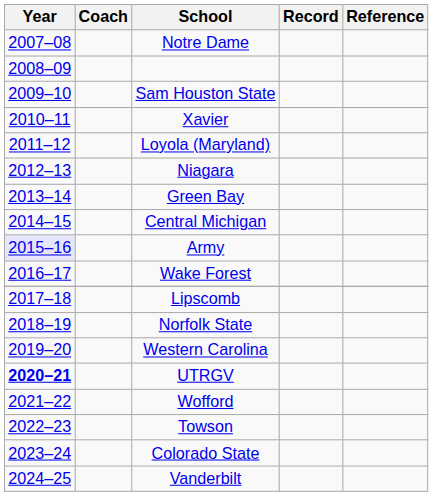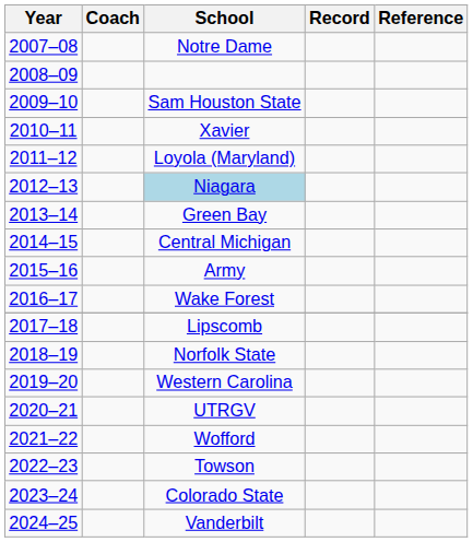 <table class="wikitable sortable" align="center">
 <tr>
 <th>Year</th>
 <th>Coach</th>
 <th>School</th>
 <th>Record</th>
 <th class=unsortable>Reference</th>
 </tr>
 <tr align=center>
 <td><a href='#'>2007–08</a></td>
 <td></td>
 <td><a href='#'>Notre Dame</a></td>
 <td></td>
 <td></td>
 </tr>
 <tr align=center>
 <td><a href='#'>2008–09</a></td>
 <td></td>
 <td></td>
 <td></td>
 <td></td>
 </tr>
 <tr align=center>
 <td><a href='#'>2009–10</a></td>
 <td></td>
 <td><a href='#'>Sam Houston State</a></td>
 <td></td>
 <td></td>
 </tr>
 <tr align=center>
 <td><a href='#'>2010–11</a></td>
 <td></td>
 <td><a href='#'>Xavier</a></td>
 <td></td>
 <td></td>
 </tr>
 <tr align=center>
 <td><a href='#'>2011–12</a></td>
 <td></td>
 <td><a href='#'>Loyola (Maryland)</a></td>
 <td></td>
 <td></td>
 </tr>
 <tr align=center>
 <td><a href='#'>2012–13</a></td>
 <td></td>
-<td><a href='#'>Niagara</a></td>
+<td style="background: lightblue;"><a href='#'>Niagara</a></td>
 <td></td>
 <td></td>
 </tr>
 <tr align=center>
 <td><a href='#'>2013–14</a></td>
 <td></td>
 <td><a href='#'>Green Bay</a></td>
 <td></td>
 <td></td>
 </tr>
 <tr align=center>
 <td><a href='#'>2014–15</a></td>
 <td></td>
 <td><a href='#'>Central Michigan</a></td>
 <td></td>
 <td></td>
 </tr>
 <tr align=center>
-<td style="background: lavender;"><a href='#'>2015–16</a></td>
+<td><a href='#'>2015–16</a></td>
 <td></td>
 <td><a href='#'>Army</a></td>
 <td></td>
 <td></td>
 </tr>
 <tr align=center>
 <td><a href='#'>2016–17</a></td>
 <td></td>
 <td><a href='#'>Wake Forest</a></td>
 <td></td>
 <td></td>
 </tr>
 <tr>
 </tr>
 <tr align=center>
 <td><a href='#'>2017–18</a></td>
 <td></td>
 <td><a href='#'>Lipscomb</a></td>
 <td></td>
 <td></td>
 </tr>
 <tr align=center>
 <td><a href='#'>2018–19</a></td>
 <td></td>
 <td><a href='#'>Norfolk State</a></td>
 <td></td>
 <td></td>
 </tr>
 <tr align=center>
 <td><a href='#'>2019–20</a></td>
 <td></td>
 <td><a href='#'>Western Carolina</a></td>
 <td></td>
 <td></td>
 </tr>
 <tr align=center>
-<td><strong><a href='#'>2020–21</a></strong></td>
+<td><a href='#'>2020–21</a></td>
 <td></td>
 <td><a href='#'>UTRGV</a></td>
 <td></td>
 <td></td>
 </tr>
 <tr align=center>
 <td><a href='#'>2021–22</a></td>
 <td></td>
 <td><a href='#'>Wofford</a></td>
 <td></td>
 <td></td>
 </tr>
 <tr align="center">
 <td><a href='#'>2022–23</a></td>
 <td></td>
 <td><a href='#'>Towson</a></td>
 <td></td>
 <td></td>
 </tr>
 <tr align="center">
 <td><a href='#'>2023–24</a></td>
 <td></td>
 <td><a href='#'>Colorado State</a></td>
 <td></td>
 <td></td>
 </tr>
 <tr align="center">
 <td><a href='#'>2024–25</a></td>
 <td></td>
 <td><a href='#'>Vanderbilt</a></td>
 <td></td>
 <td></td>
 </tr>
 </table>
